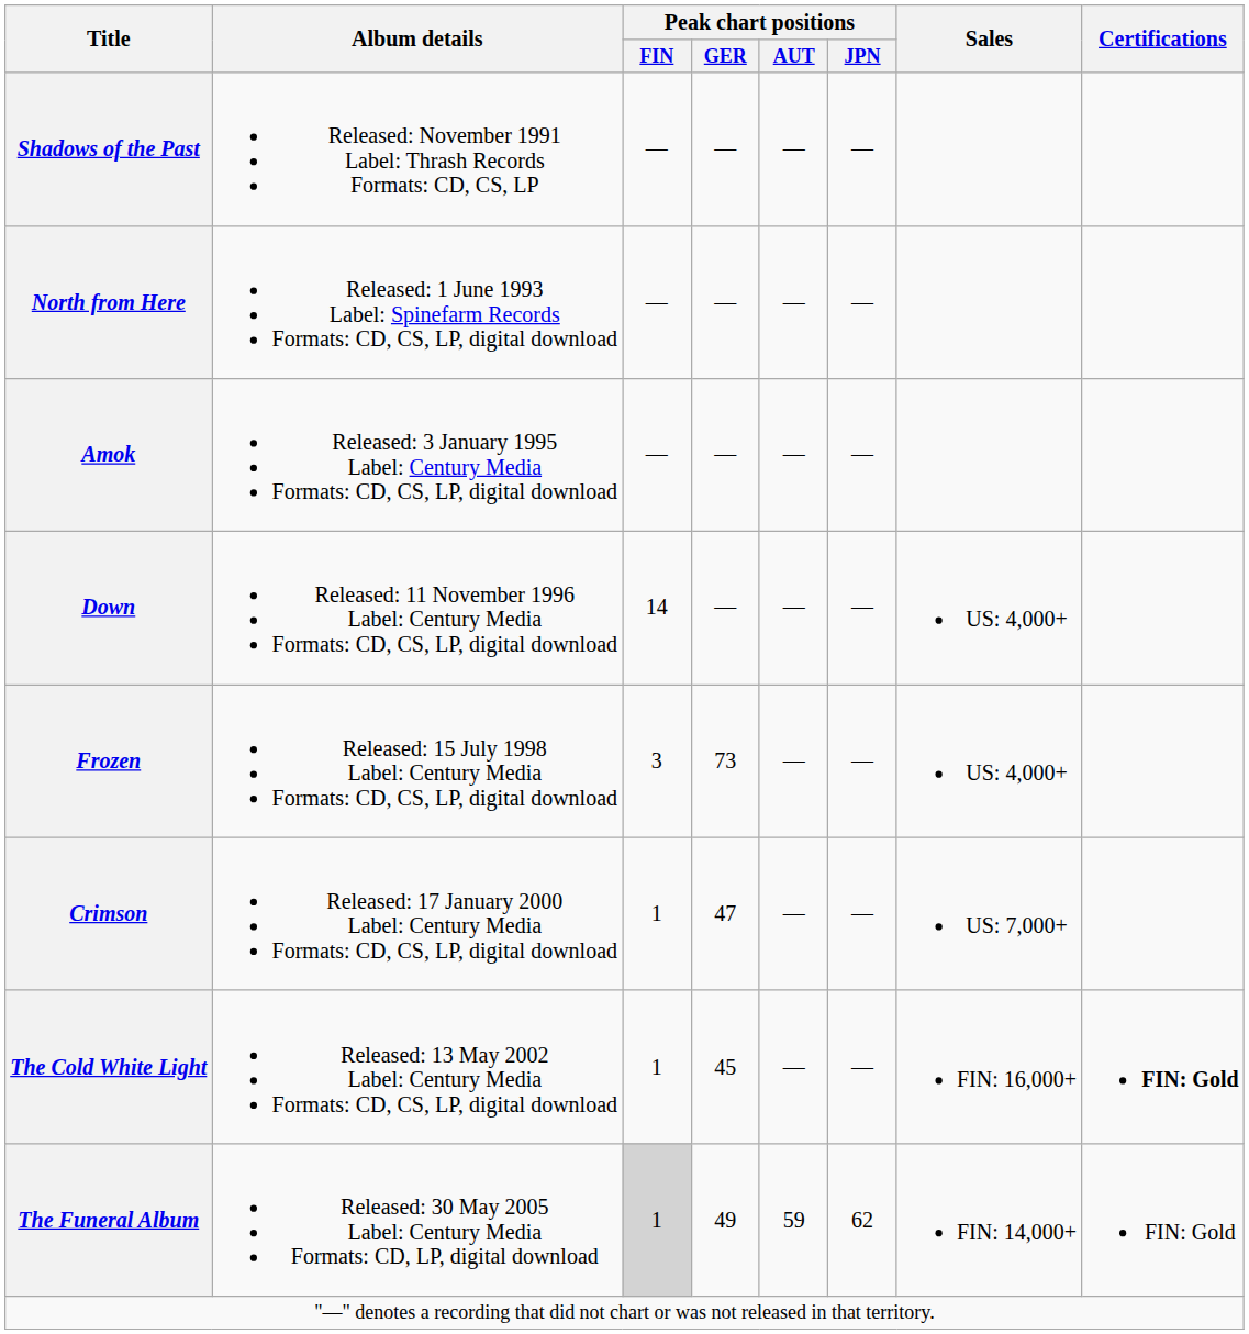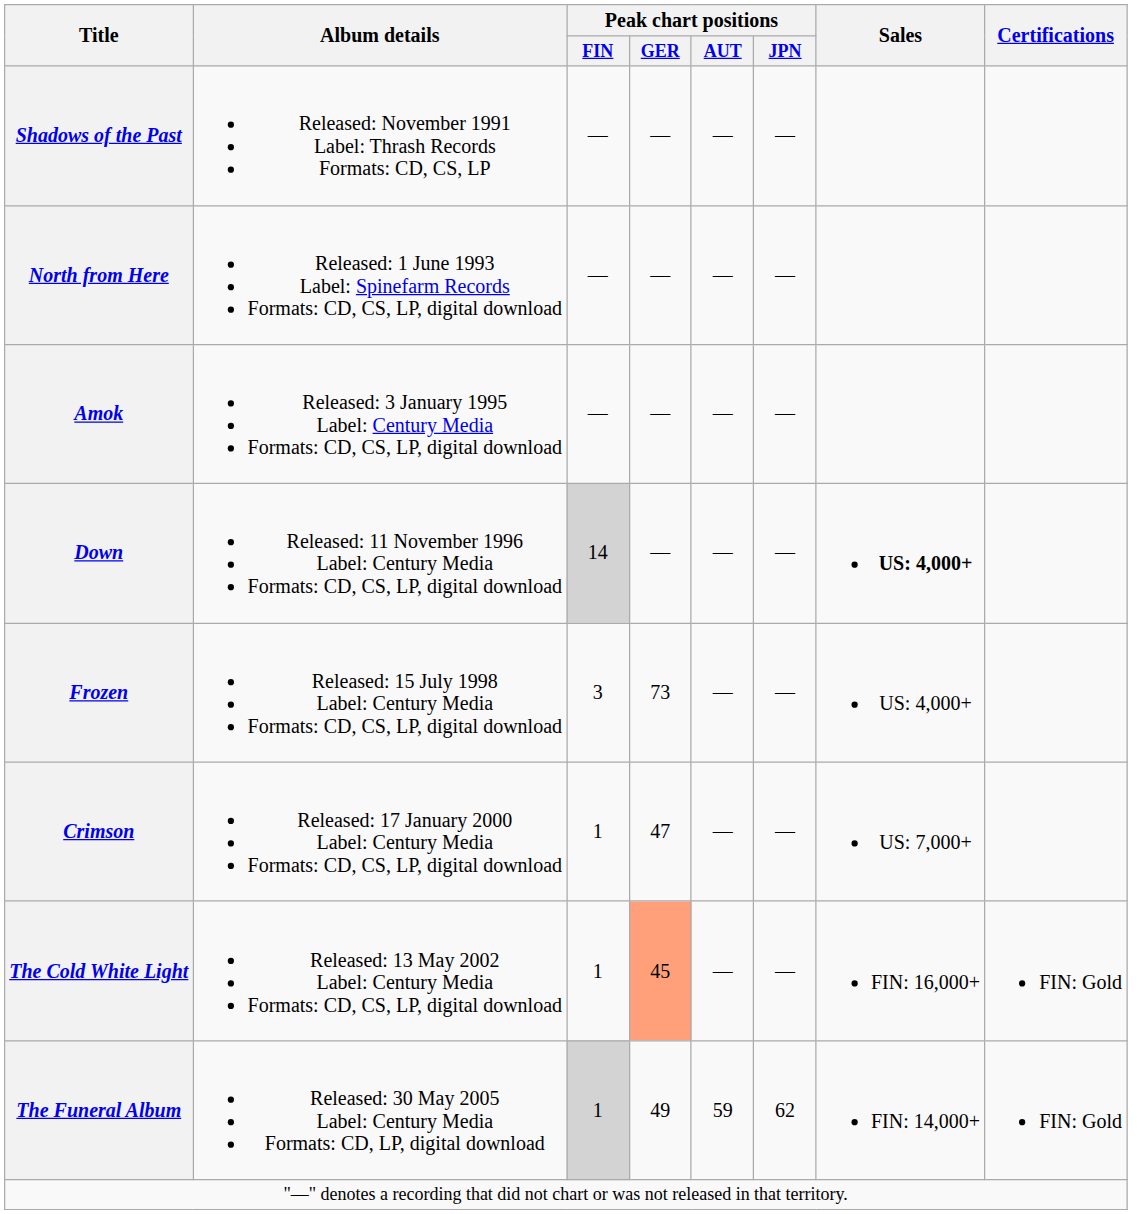 <table class="wikitable plainrowheaders" style="text-align:center;">
 <tr>
 <th scope="col" rowspan="2">Title</th>
 <th scope="col" rowspan="2">Album details</th>
 <th scope="col" colspan="4">Peak chart positions</th>
 <th scope="col" rowspan="2">Sales</th>
 <th scope="col" rowspan="2"><a href='#'>Certifications</a></th>
 </tr>
 <tr>
 <th scope="col" style="width:3em;font-size:90%;"><a href='#'>FIN</a><br></th>
 <th scope="col" style="width:3em;font-size:90%;"><a href='#'>GER</a><br></th>
 <th scope="col" style="width:3em;font-size:90%;"><a href='#'>AUT</a><br></th>
 <th scope="col" style="width:3em;font-size:90%;"><a href='#'>JPN</a><br></th>
 </tr>
 <tr>
 <th scope="row"><em><a href='#'>Shadows of the Past</a></em></th>
 <td><br><ul><li>Released: November 1991</li><li>Label: Thrash Records</li><li>Formats: CD, CS, LP</li></ul></td>
 <td>—</td>
 <td>—</td>
 <td>—</td>
 <td>—</td>
 <td></td>
 <td></td>
 </tr>
 <tr>
 <th scope="row"><em><a href='#'>North from Here</a></em></th>
 <td><br><ul><li>Released: 1 June 1993</li><li>Label: <a href='#'>Spinefarm Records</a></li><li>Formats: CD, CS, LP, digital download</li></ul></td>
 <td>—</td>
 <td>—</td>
 <td>—</td>
 <td>—</td>
 <td></td>
 <td></td>
 </tr>
 <tr>
 <th scope="row"><em><a href='#'>Amok</a></em></th>
 <td><br><ul><li>Released: 3 January 1995</li><li>Label: <a href='#'>Century Media</a></li><li>Formats: CD, CS, LP, digital download</li></ul></td>
 <td>—</td>
 <td>—</td>
 <td>—</td>
 <td>—</td>
 <td></td>
 <td></td>
 </tr>
 <tr>
 <th scope="row"><em><a href='#'>Down</a></em></th>
 <td><br><ul><li>Released: 11 November 1996</li><li>Label: Century Media</li><li>Formats: CD, CS, LP, digital download</li></ul></td>
-<td>14</td>
+<td style="background: lightgrey;">14</td>
 <td>—</td>
 <td>—</td>
 <td>—</td>
-<td><br><ul><li>US: 4,000+</li></ul></td>
+<td><strong><br><ul><li>US: 4,000+</li></ul></strong></td>
 <td></td>
 </tr>
 <tr>
 <th scope="row"><em><a href='#'>Frozen</a></em></th>
 <td><br><ul><li>Released: 15 July 1998</li><li>Label: Century Media</li><li>Formats: CD, CS, LP, digital download</li></ul></td>
 <td>3</td>
 <td>73</td>
 <td>—</td>
 <td>—</td>
 <td><br><ul><li>US: 4,000+</li></ul></td>
 <td></td>
 </tr>
 <tr>
 <th scope="row"><em><a href='#'>Crimson</a></em></th>
 <td><br><ul><li>Released: 17 January 2000</li><li>Label: Century Media</li><li>Formats: CD, CS, LP, digital download</li></ul></td>
 <td>1</td>
 <td>47</td>
 <td>—</td>
 <td>—</td>
 <td><br><ul><li>US: 7,000+</li></ul></td>
 <td></td>
 </tr>
 <tr>
 <th scope="row"><em><a href='#'>The Cold White Light</a></em></th>
 <td><br><ul><li>Released: 13 May 2002</li><li>Label: Century Media</li><li>Formats: CD, CS, LP, digital download</li></ul></td>
 <td>1</td>
-<td>45</td>
+<td style="background: lightsalmon;">45</td>
 <td>—</td>
 <td>—</td>
 <td><br><ul><li>FIN: 16,000+</li></ul></td>
-<td><strong><br><ul><li>FIN: Gold</li></ul></strong></td>
+<td><br><ul><li>FIN: Gold</li></ul></td>
 </tr>
 <tr>
 <th scope="row"><em><a href='#'>The Funeral Album</a></em></th>
 <td><br><ul><li>Released: 30 May 2005</li><li>Label: Century Media</li><li>Formats: CD, LP, digital download</li></ul></td>
 <td style="background: lightgrey;">1</td>
 <td>49</td>
 <td>59</td>
 <td>62</td>
 <td><br><ul><li>FIN: 14,000+</li></ul></td>
 <td><br><ul><li>FIN: Gold</li></ul></td>
 </tr>
 <tr>
 <td colspan="15" style="font-size:90%">"—" denotes a recording that did not chart or was not released in that territory.</td>
 </tr>
 </table>
